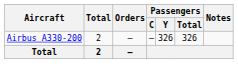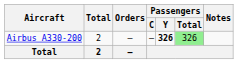 <table class="wikitable" style="border-collapse:collapse;text-align:center;margin:auto;">
 <tr>
 <th rowspan="2">Aircraft</th>
 <th rowspan="2" style="width:35px;">Total</th>
 <th rowspan="2" style="width:25px;">Orders</th>
 <th colspan="3">Passengers</th>
 <th rowspan="2">Notes</th>
 </tr>
 <tr>
 <th><abbr>C</abbr></th>
 <th><abbr>Y</abbr></th>
 <th>Total</th>
 </tr>
 <tr>
 <td><a href='#'>Airbus A330-200</a></td>
 <td>2</td>
 <td>—</td>
 <td>—</td>
-<td>326</td>
-<td>326</td>
+<td><strong>326</strong></td>
+<td style="background: lightgreen;">326</td>
 <td></td>
 </tr>
 <tr>
 <th>Total</th>
 <th>2</th>
 <th>—</th>
 <th colspan="4"></th>
 </tr>
 </table>
